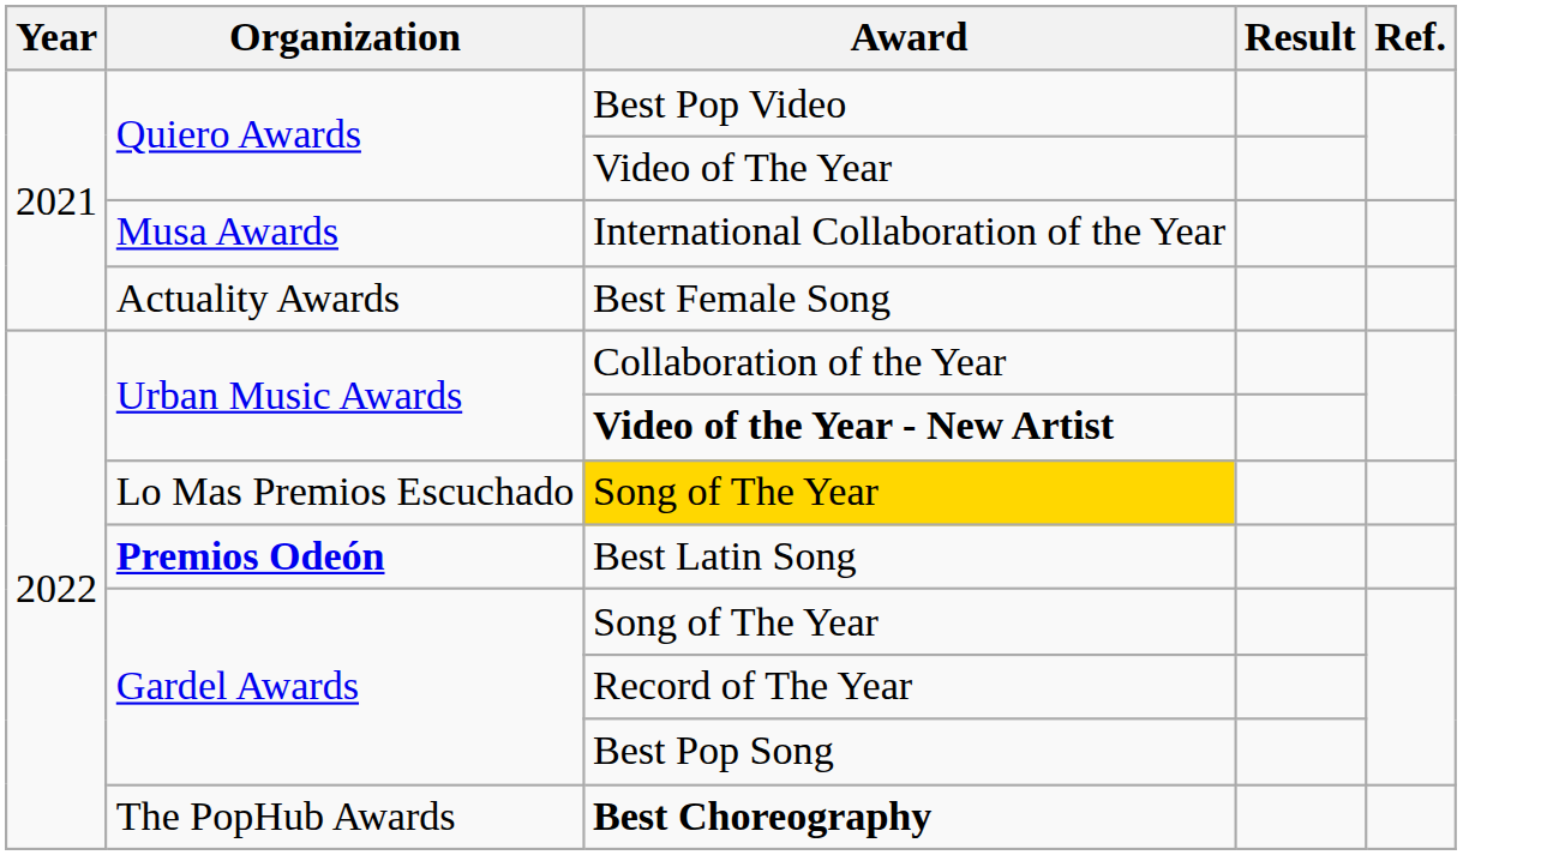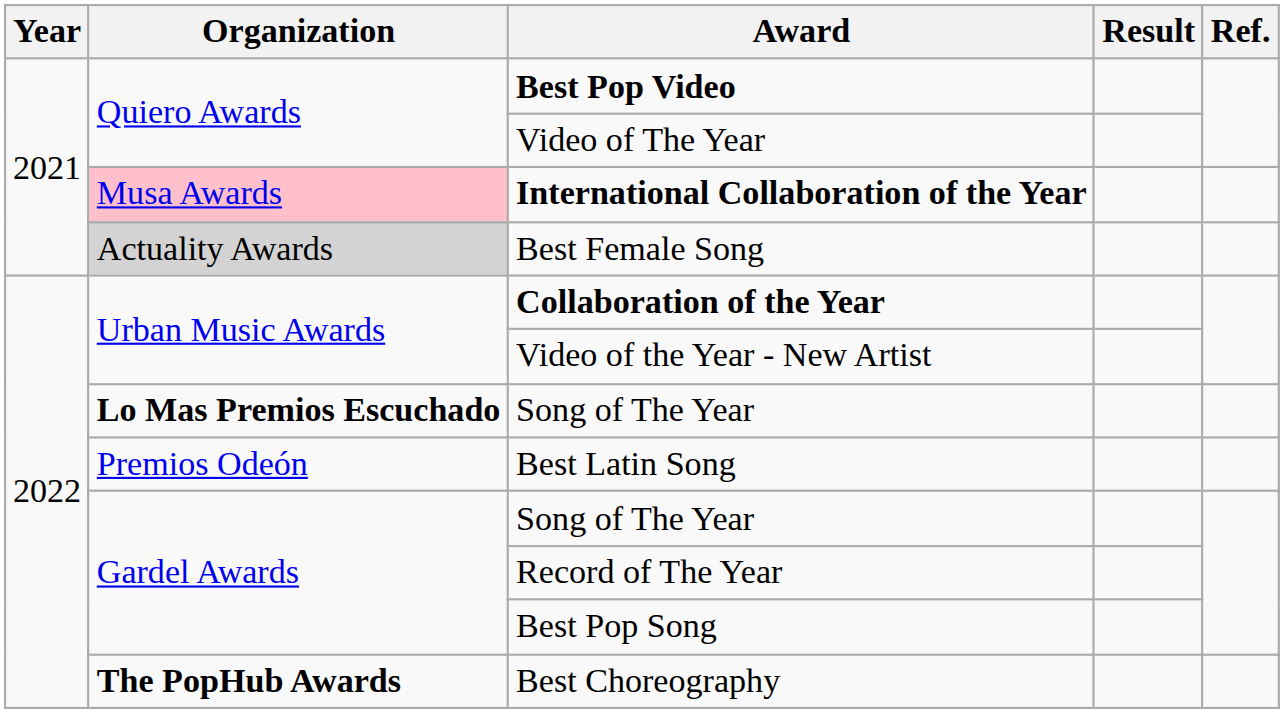 <table class="wikitable plainrowheaders">
 <tr align=center>
 <th scope="col">Year</th>
 <th scope="col">Organization</th>
 <th scope="col">Award</th>
 <th scope="col">Result</th>
 <th scope="col">Ref.</th>
 </tr>
 <tr>
 <td rowspan="4">2021</td>
 <td rowspan="2"><a href='#'>Quiero Awards</a></td>
-<td>Best Pop Video</td>
+<td><strong>Best Pop Video</strong></td>
 <td></td>
 <td rowspan="2"></td>
 </tr>
 <tr>
 <td>Video of The Year</td>
 <td></td>
 </tr>
 <tr>
-<td><a href='#'>Musa Awards</a></td>
-<td>International Collaboration of the Year</td>
+<td style="background: pink;"><a href='#'>Musa Awards</a></td>
+<td><strong>International Collaboration of the Year</strong></td>
 <td></td>
 <td></td>
 </tr>
 <tr>
-<td>Actuality Awards</td>
+<td style="background: lightgrey;">Actuality Awards</td>
 <td>Best Female Song</td>
 <td></td>
 <td></td>
 </tr>
 <tr>
 <td rowspan="8">2022</td>
 <td rowspan="2"><a href='#'>Urban Music Awards</a></td>
-<td>Collaboration of the Year</td>
+<td><strong>Collaboration of the Year</strong></td>
 <td></td>
 <td rowspan="2"></td>
 </tr>
 <tr>
-<td><strong>Video of the Year - New Artist</strong></td>
+<td>Video of the Year - New Artist</td>
 <td></td>
 </tr>
 <tr>
-<td>Lo Mas Premios Escuchado</td>
-<td style="background: gold;">Song of The Year</td>
+<td><strong>Lo Mas Premios Escuchado</strong></td>
+<td>Song of The Year</td>
 <td></td>
 <td></td>
 </tr>
 <tr>
-<td><strong><a href='#'>Premios Odeón</a></strong></td>
+<td><a href='#'>Premios Odeón</a></td>
 <td>Best Latin Song</td>
 <td></td>
 <td></td>
 </tr>
 <tr>
 <td rowspan="3"><a href='#'>Gardel Awards</a></td>
 <td>Song of The Year</td>
 <td></td>
 <td rowspan="3"></td>
 </tr>
 <tr>
 <td>Record of The Year</td>
 <td></td>
 </tr>
 <tr>
 <td>Best Pop Song</td>
 <td></td>
 </tr>
 <tr>
-<td>The PopHub Awards</td>
-<td><strong>Best Choreography</strong></td>
+<td><strong>The PopHub Awards</strong></td>
+<td>Best Choreography</td>
 <td></td>
 <td></td>
 </tr>
 </table>
